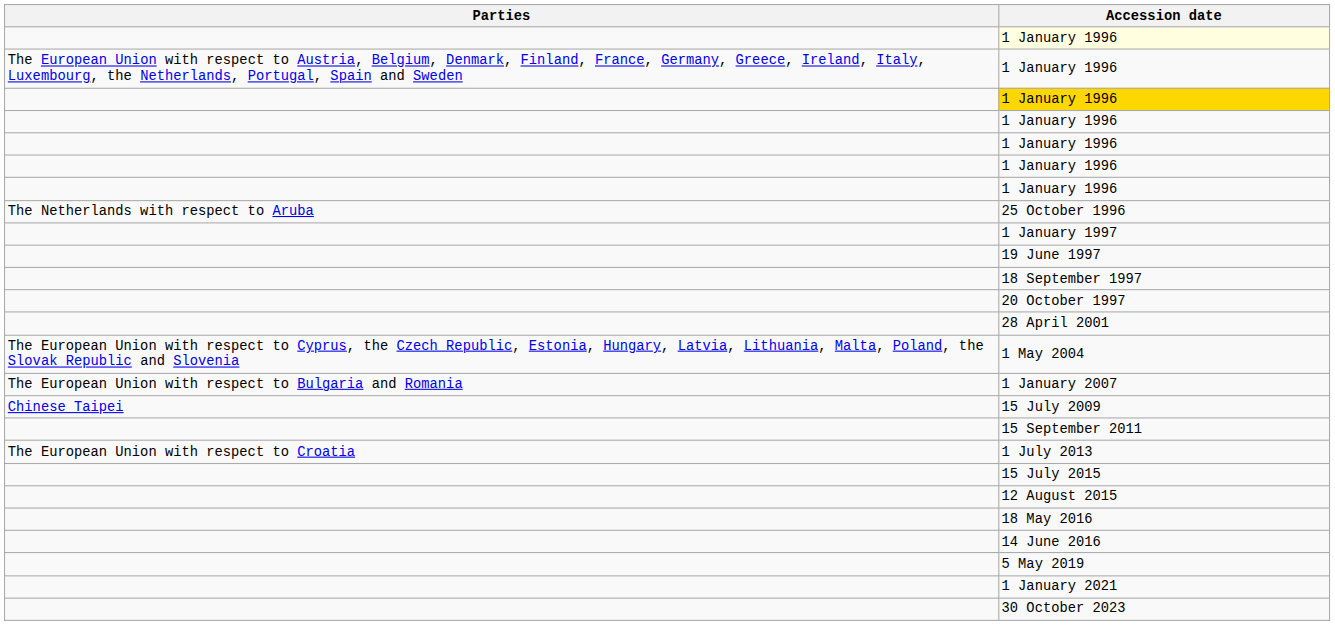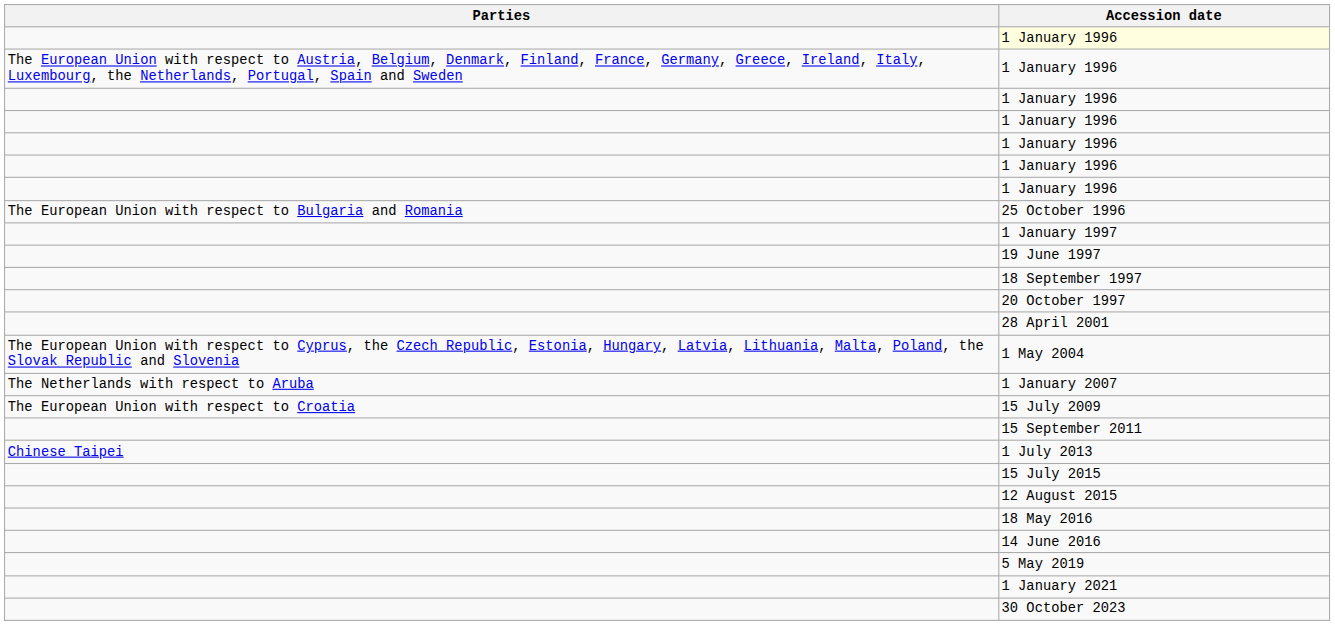 <table class="wikitable">
 <tr>
 <th style="width: 75%;">Parties</th>
 <th>Accession date</th>
 </tr>
 <tr>
 <td></td>
 <td style="background: lightyellow;">1 January 1996</td>
 </tr>
 <tr>
 <td> The <a href='#'>European Union</a> with respect to <a href='#'>Austria</a>, <a href='#'>Belgium</a>, <a href='#'>Denmark</a>, <a href='#'>Finland</a>, <a href='#'>France</a>, <a href='#'>Germany</a>, <a href='#'>Greece</a>, <a href='#'>Ireland</a>, <a href='#'>Italy</a>, <a href='#'>Luxembourg</a>, the <a href='#'>Netherlands</a>, <a href='#'>Portugal</a>, <a href='#'>Spain</a> and <a href='#'>Sweden</a></td>
 <td>1 January 1996</td>
-</tr>
-<tr>
-<td></td>
-<td style="background: gold;">1 January 1996</td>
 </tr>
 <tr>
 <td></td>
 <td>1 January 1996</td>
 </tr>
 <tr>
 <td></td>
 <td>1 January 1996</td>
 </tr>
 <tr>
 <td></td>
 <td>1 January 1996</td>
 </tr>
 <tr>
 <td></td>
 <td>1 January 1996</td>
 </tr>
 <tr>
-<td> The Netherlands with respect to <a href='#'>Aruba</a></td>
+<td></td>
+<td>1 January 1996</td>
+</tr>
+<tr>
+<td> The European Union with respect to <a href='#'>Bulgaria</a> and <a href='#'>Romania</a></td>
 <td>25 October 1996</td>
 </tr>
 <tr>
 <td></td>
 <td>1 January 1997</td>
 </tr>
 <tr>
 <td></td>
 <td>19 June 1997</td>
 </tr>
 <tr>
 <td></td>
 <td>18 September 1997</td>
 </tr>
 <tr>
 <td></td>
 <td>20 October 1997</td>
 </tr>
 <tr>
 <td></td>
 <td>28 April 2001</td>
 </tr>
 <tr>
 <td> The European Union with respect to <a href='#'>Cyprus</a>, the <a href='#'>Czech Republic</a>, <a href='#'>Estonia</a>, <a href='#'>Hungary</a>, <a href='#'>Latvia</a>, <a href='#'>Lithuania</a>, <a href='#'>Malta</a>, <a href='#'>Poland</a>, the <a href='#'>Slovak Republic</a> and <a href='#'>Slovenia</a></td>
 <td>1 May 2004</td>
 </tr>
 <tr>
-<td> The European Union with respect to <a href='#'>Bulgaria</a> and <a href='#'>Romania</a></td>
+<td> The Netherlands with respect to <a href='#'>Aruba</a></td>
 <td>1 January 2007</td>
 </tr>
 <tr>
-<td> <a href='#'>Chinese Taipei</a></td>
+<td> The European Union with respect to <a href='#'>Croatia</a></td>
 <td>15 July 2009</td>
 </tr>
 <tr>
 <td></td>
 <td>15 September 2011</td>
 </tr>
 <tr>
-<td> The European Union with respect to <a href='#'>Croatia</a></td>
+<td> <a href='#'>Chinese Taipei</a></td>
 <td>1 July 2013</td>
 </tr>
 <tr>
 <td></td>
 <td>15 July 2015</td>
 </tr>
 <tr>
 <td></td>
 <td>12 August 2015</td>
 </tr>
 <tr>
 <td></td>
 <td>18 May 2016</td>
 </tr>
 <tr>
 <td></td>
 <td>14 June 2016</td>
 </tr>
 <tr>
 <td></td>
 <td>5 May 2019</td>
 </tr>
 <tr>
 <td></td>
 <td>1 January 2021</td>
 </tr>
 <tr>
 <td></td>
 <td>30 October 2023 </td>
 </tr>
 </table>
